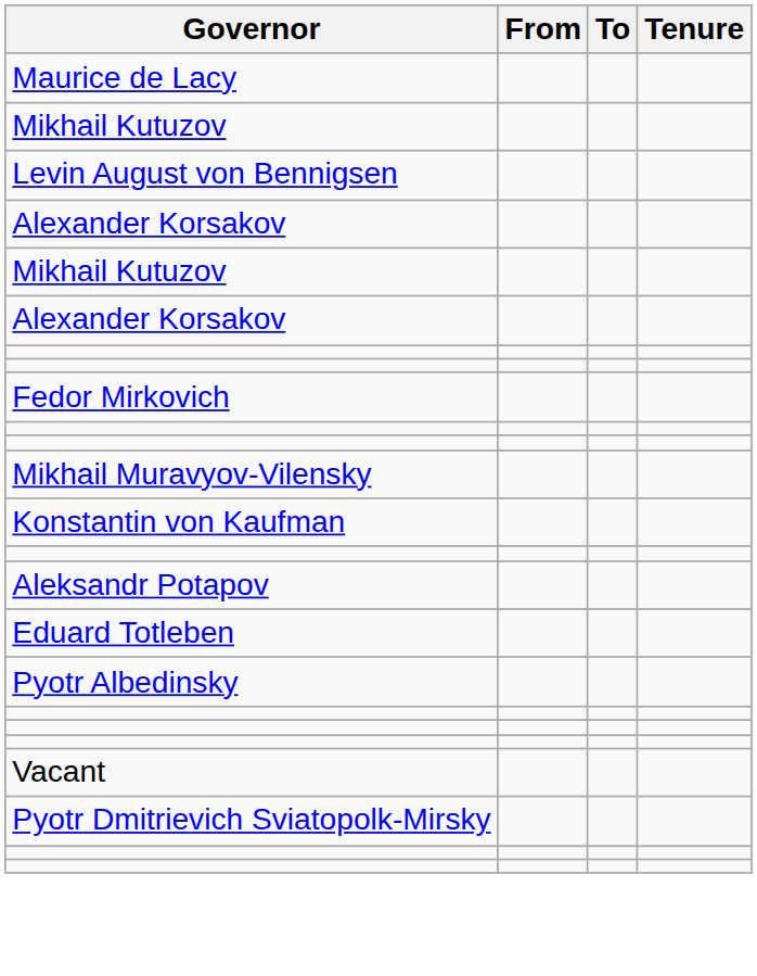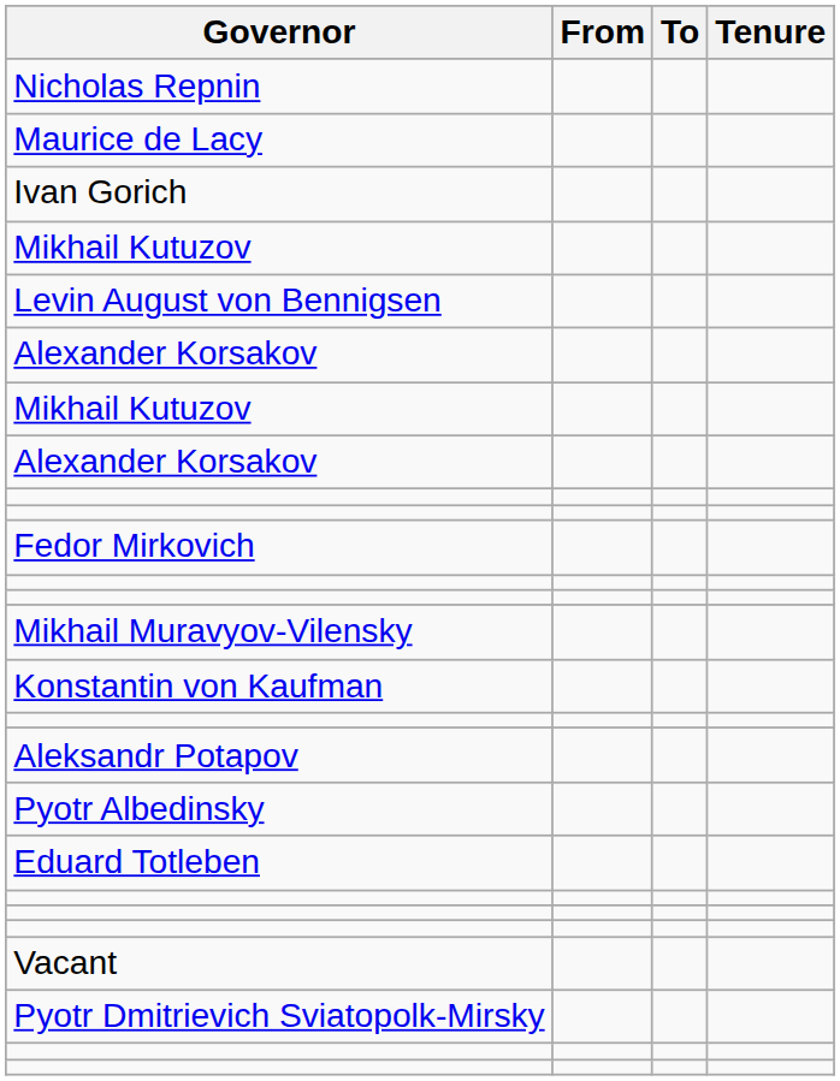 <table class="wikitable sortable">
 <tr>
 <th>Governor</th>
 <th>From</th>
 <th>To</th>
 <th>Tenure</th>
 </tr>
 <tr>
+<td><a href='#'>Nicholas Repnin</a></td>
+<td></td>
+<td></td>
+<td></td>
+</tr>
+<tr>
 <td><a href='#'>Maurice de Lacy</a></td>
+<td></td>
+<td></td>
+<td></td>
+</tr>
+<tr>
+<td>Ivan Gorich</td>
 <td></td>
 <td></td>
 <td></td>
 </tr>
 <tr>
 <td><a href='#'>Mikhail Kutuzov</a></td>
 <td></td>
 <td></td>
 <td></td>
 </tr>
 <tr>
 <td><a href='#'>Levin August von Bennigsen</a></td>
 <td></td>
 <td></td>
 <td></td>
 </tr>
 <tr>
 <td><a href='#'>Alexander Korsakov</a></td>
 <td></td>
 <td></td>
 <td></td>
 </tr>
 <tr>
 <td><a href='#'>Mikhail Kutuzov</a></td>
 <td></td>
 <td></td>
 <td></td>
 </tr>
 <tr>
 <td><a href='#'>Alexander Korsakov</a></td>
 <td></td>
 <td></td>
 <td></td>
 </tr>
 <tr>
 <td></td>
 <td></td>
 <td></td>
 <td></td>
 </tr>
 <tr>
 <td></td>
 <td></td>
 <td></td>
 <td></td>
 </tr>
 <tr>
 <td><a href='#'>Fedor Mirkovich</a></td>
 <td></td>
 <td></td>
 <td></td>
 </tr>
 <tr>
 <td></td>
 <td></td>
 <td></td>
 <td></td>
 </tr>
 <tr>
 <td></td>
 <td></td>
 <td></td>
 <td></td>
 </tr>
 <tr>
 <td><a href='#'>Mikhail Muravyov-Vilensky</a></td>
 <td></td>
 <td></td>
 <td></td>
 </tr>
 <tr>
 <td><a href='#'>Konstantin von Kaufman</a></td>
 <td></td>
 <td></td>
 <td></td>
 </tr>
 <tr>
 <td></td>
 <td></td>
 <td></td>
 <td></td>
 </tr>
 <tr>
 <td><a href='#'>Aleksandr Potapov</a></td>
 <td></td>
 <td></td>
 <td></td>
 </tr>
 <tr>
-<td><a href='#'>Eduard Totleben</a></td>
+<td><a href='#'>Pyotr Albedinsky</a></td>
 <td></td>
 <td></td>
 <td></td>
 </tr>
 <tr>
-<td><a href='#'>Pyotr Albedinsky</a></td>
+<td><a href='#'>Eduard Totleben</a></td>
 <td></td>
 <td></td>
 <td></td>
 </tr>
 <tr>
 <td></td>
 <td></td>
 <td></td>
 <td></td>
 </tr>
 <tr>
 <td></td>
 <td></td>
 <td></td>
 <td></td>
 </tr>
 <tr>
 <td></td>
 <td></td>
 <td></td>
 <td></td>
 </tr>
 <tr>
 <td>Vacant</td>
 <td></td>
 <td></td>
 <td></td>
 </tr>
 <tr>
 <td><a href='#'>Pyotr Dmitrievich Sviatopolk-Mirsky</a></td>
 <td></td>
 <td></td>
 <td></td>
 </tr>
 <tr>
 <td></td>
 <td></td>
 <td></td>
 <td></td>
 </tr>
 <tr>
 <td></td>
 <td></td>
 <td></td>
 <td></td>
 </tr>
 </table>
